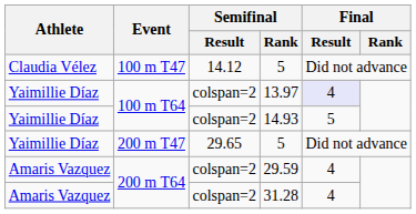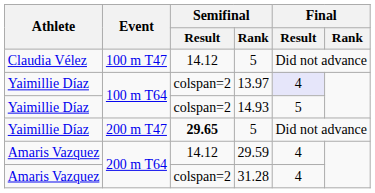 <table class="wikitable" style="font-size:90%">
 <tr>
 <th rowspan="2">Athlete</th>
 <th rowspan="2">Event</th>
 <th colspan="2">Semifinal</th>
 <th colspan="2">Final</th>
 </tr>
 <tr style="font-size:95%">
 <th>Result</th>
 <th>Rank</th>
 <th>Result</th>
 <th>Rank</th>
 </tr>
 <tr align=center>
 <td align=left><a href='#'>Claudia Vélez</a></td>
 <td align=left><a href='#'>100 m T47</a></td>
 <td>14.12</td>
 <td>5</td>
 <td colspan=2>Did not advance</td>
 </tr>
 <tr align=center>
 <td align=left><a href='#'>Yaimillie Díaz</a></td>
 <td align=left rowspan=2><a href='#'>100 m T64</a></td>
 <td>colspan=2 </td>
 <td>13.97</td>
 <td style="background: lavender;">4</td>
 </tr>
 <tr align=center>
 <td align=left><a href='#'>Yaimillie Díaz</a></td>
 <td>colspan=2 </td>
 <td>14.93</td>
 <td>5</td>
 </tr>
 <tr align=center>
 <td align=left><a href='#'>Yaimillie Díaz</a></td>
 <td align=left><a href='#'>200 m T47</a></td>
-<td>29.65</td>
+<td><strong>29.65</strong></td>
 <td>5</td>
 <td colspan=2>Did not advance</td>
 </tr>
 <tr align=center>
 <td align=left><a href='#'>Amaris Vazquez</a></td>
 <td align=left rowspan=2><a href='#'>200 m T64</a></td>
-<td>colspan=2 </td>
+<td>14.12</td>
 <td>29.59</td>
 <td>4</td>
 </tr>
 <tr align=center>
 <td align=left><a href='#'>Amaris Vazquez</a></td>
 <td>colspan=2 </td>
 <td>31.28</td>
 <td>4</td>
 </tr>
 </table>
